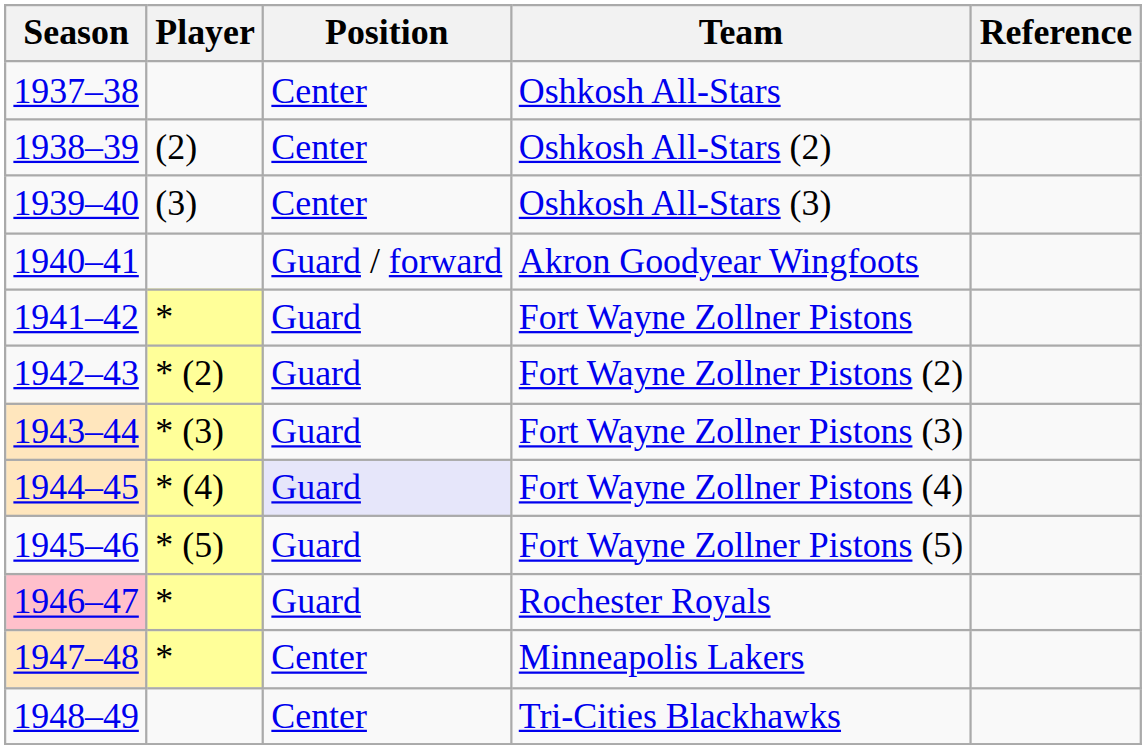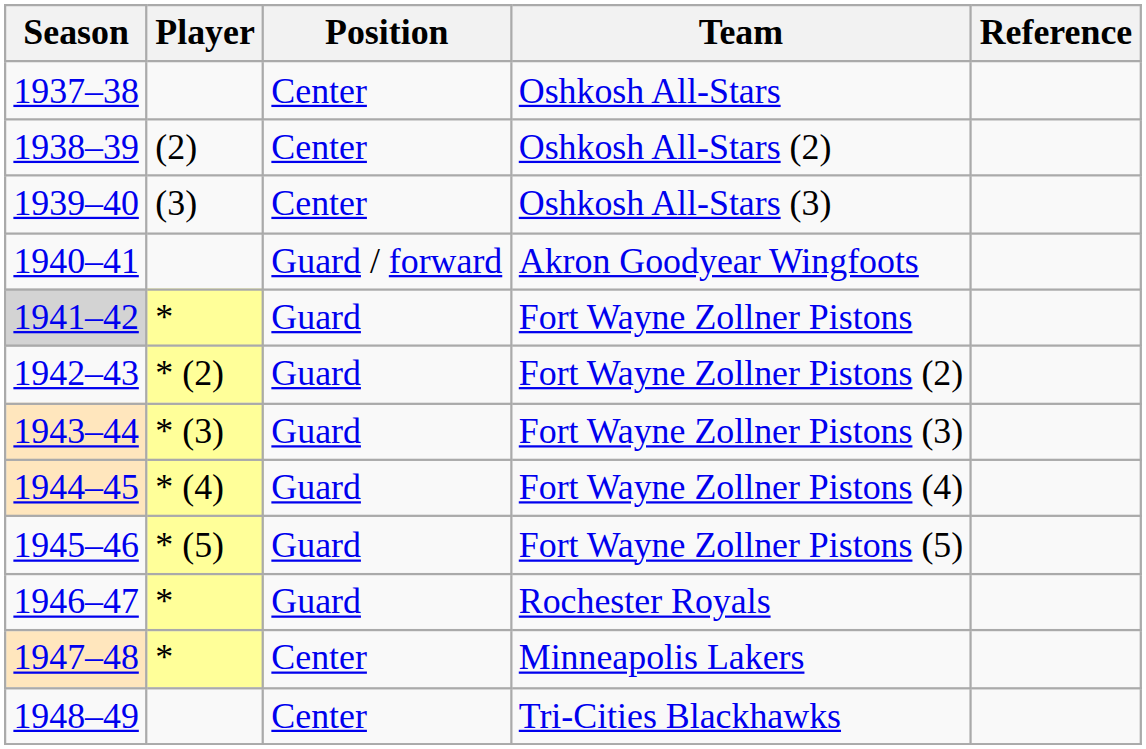 <table class="wikitable sortable">
 <tr>
 <th>Season</th>
 <th>Player</th>
 <th>Position</th>
 <th>Team</th>
 <th class="unsortable">Reference</th>
 </tr>
 <tr>
 <td><a href='#'>1937–38</a></td>
 <td></td>
 <td><a href='#'>Center</a></td>
 <td><a href='#'>Oshkosh All-Stars</a></td>
 <td align="center"></td>
 </tr>
 <tr>
 <td><a href='#'>1938–39</a></td>
 <td> (2)</td>
 <td><a href='#'>Center</a></td>
 <td><a href='#'>Oshkosh All-Stars</a> (2)</td>
 <td align="center"></td>
 </tr>
 <tr>
 <td><a href='#'>1939–40</a></td>
 <td> (3)</td>
 <td><a href='#'>Center</a></td>
 <td><a href='#'>Oshkosh All-Stars</a> (3)</td>
 <td align="center"></td>
 </tr>
 <tr>
 <td><a href='#'>1940–41</a></td>
 <td></td>
 <td><a href='#'>Guard</a> / <a href='#'>forward</a></td>
 <td><a href='#'>Akron Goodyear Wingfoots</a></td>
 <td align="center"></td>
 </tr>
 <tr>
-<td><a href='#'>1941–42</a></td>
+<td style="background: lightgrey;"><a href='#'>1941–42</a></td>
 <td style="background-color:#FFFF99">*</td>
 <td><a href='#'>Guard</a></td>
 <td><a href='#'>Fort Wayne Zollner Pistons</a></td>
 <td align="center"></td>
 </tr>
 <tr>
 <td><a href='#'>1942–43</a></td>
 <td style="background-color:#FFFF99">* (2)</td>
 <td><a href='#'>Guard</a></td>
 <td><a href='#'>Fort Wayne Zollner Pistons</a> (2)</td>
 <td align="center"></td>
 </tr>
 <tr>
 <td style="background-color:#FFE6BD"><a href='#'>1943–44</a></td>
 <td style="background-color:#FFFF99">* (3)</td>
 <td><a href='#'>Guard</a></td>
 <td><a href='#'>Fort Wayne Zollner Pistons</a> (3)</td>
 <td align="center"></td>
 </tr>
 <tr>
 <td style="background-color:#FFE6BD"><a href='#'>1944–45</a></td>
 <td style="background-color:#FFFF99">* (4)</td>
-<td style="background: lavender;"><a href='#'>Guard</a></td>
+<td><a href='#'>Guard</a></td>
 <td><a href='#'>Fort Wayne Zollner Pistons</a> (4)</td>
 <td align="center"></td>
 </tr>
 <tr>
 <td><a href='#'>1945–46</a></td>
 <td style="background-color:#FFFF99">* (5)</td>
 <td><a href='#'>Guard</a></td>
 <td><a href='#'>Fort Wayne Zollner Pistons</a> (5)</td>
 <td align="center"></td>
 </tr>
 <tr>
-<td style="background: pink;"><a href='#'>1946–47</a></td>
+<td><a href='#'>1946–47</a></td>
 <td style="background-color:#FFFF99">*</td>
 <td><a href='#'>Guard</a></td>
 <td><a href='#'>Rochester Royals</a></td>
 <td align="center"></td>
 </tr>
 <tr>
 <td style="background-color:#FFE6BD"><a href='#'>1947–48</a></td>
 <td style="background-color:#FFFF99">*</td>
 <td><a href='#'>Center</a></td>
 <td><a href='#'>Minneapolis Lakers</a></td>
 <td align="center"></td>
 </tr>
 <tr>
 <td><a href='#'>1948–49</a></td>
 <td></td>
 <td><a href='#'>Center</a></td>
 <td><a href='#'>Tri-Cities Blackhawks</a></td>
 <td align="center"></td>
 </tr>
 <tr>
 </tr>
 </table>
